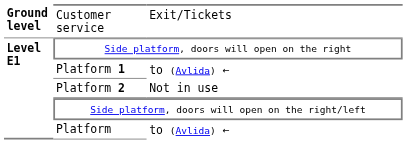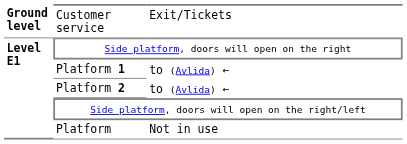 <table table border=0 cellspacing=0 cellpadding=3>
 <tr>
 <td style="border-bottom:solid 1px gray;" width=50 valign=top><strong>Ground level</strong></td>
 <td style="border-top:solid 2px gray;border-bottom:solid 1px gray;" width=100 valign=top>Customer service</td>
 <td style="border-top:solid 2px gray;border-bottom:solid 1px gray;" width=285 valign=top>Exit/Tickets</td>
 </tr>
 <tr>
 <td style="border-bottom:solid 2px gray;" rowspan=5 valign=top><strong>Level<br>Ε1</strong></td>
 <td style="border-top:solid 1px gray;border-right:solid 2px gray;border-left:solid 2px gray;border-bottom:solid 2px gray;text-align:center;" colspan=2><small><a href='#'>Side platform</a>, doors will open on the right</small></td>
 </tr>
 <tr>
 <td style="border-bottom:solid 1px gray;">Platform <strong>1</strong></td>
 <td> to  <small>(<a href='#'>Avlida</a>)</small> ←</td>
 </tr>
 <tr>
 <td style="border-bottom:solid 1px gray;">Platform <strong>2</strong></td>
-<td style="border-bottom:solid 1px gray;">Not in use</td>
+<td> to  <small>(<a href='#'>Avlida</a>)</small> ←</td>
 </tr>
 <tr>
 <td style="border-top:solid 2px gray;border-right:solid 2px gray;border-left:solid 2px gray;border-bottom:solid 2px gray;text-align:center;" colspan=2><small><a href='#'>Side platform</a>, doors will open on the right/left</small></td>
 </tr>
 <tr>
 <td style="border-bottom:solid 1px gray;">Platform </td>
-<td> to  <small>(<a href='#'>Avlida</a>)</small> ←</td>
+<td style="border-bottom:solid 1px gray;">Not in use</td>
 </tr>
 </table>
